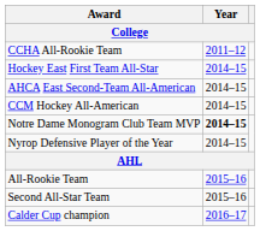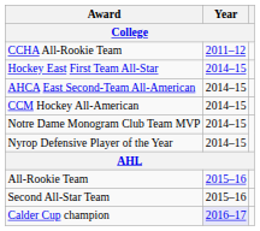 <table class="wikitable">
 <tr>
 <th>Award</th>
 <th>Year</th>
 <th></th>
 </tr>
 <tr>
 <th colspan="3"><a href='#'>College</a></th>
 </tr>
 <tr>
 <td><a href='#'>CCHA</a> All-Rookie Team</td>
 <td><a href='#'>2011–12</a></td>
 <td></td>
 </tr>
 <tr>
 <td><a href='#'>Hockey East</a> <a href='#'>First Team All-Star</a></td>
 <td><a href='#'>2014–15</a></td>
 <td></td>
 </tr>
 <tr>
 <td><a href='#'>AHCA</a> <a href='#'>East Second-Team All-American</a></td>
 <td>2014–15</td>
 <td></td>
 </tr>
 <tr>
 <td><a href='#'>CCM</a> Hockey All-American</td>
 <td>2014–15</td>
 <td></td>
 </tr>
 <tr>
 <td>Notre Dame Monogram Club Team MVP</td>
-<td><strong>2014–15</strong></td>
+<td>2014–15</td>
 <td rowspan="2"></td>
 </tr>
 <tr>
 <td>Nyrop Defensive Player of the Year</td>
 <td>2014–15</td>
 </tr>
 <tr>
 <th colspan="3"><a href='#'>AHL</a></th>
 </tr>
 <tr>
 <td>All-Rookie Team</td>
 <td><a href='#'>2015–16</a></td>
 <td></td>
 </tr>
 <tr>
 <td>Second All-Star Team</td>
 <td>2015–16</td>
 <td></td>
 </tr>
 <tr>
 <td><a href='#'>Calder Cup</a> champion</td>
-<td><a href='#'>2016–17</a></td>
+<td style="background: lavender;"><a href='#'>2016–17</a></td>
 <td></td>
 </tr>
 </table>
